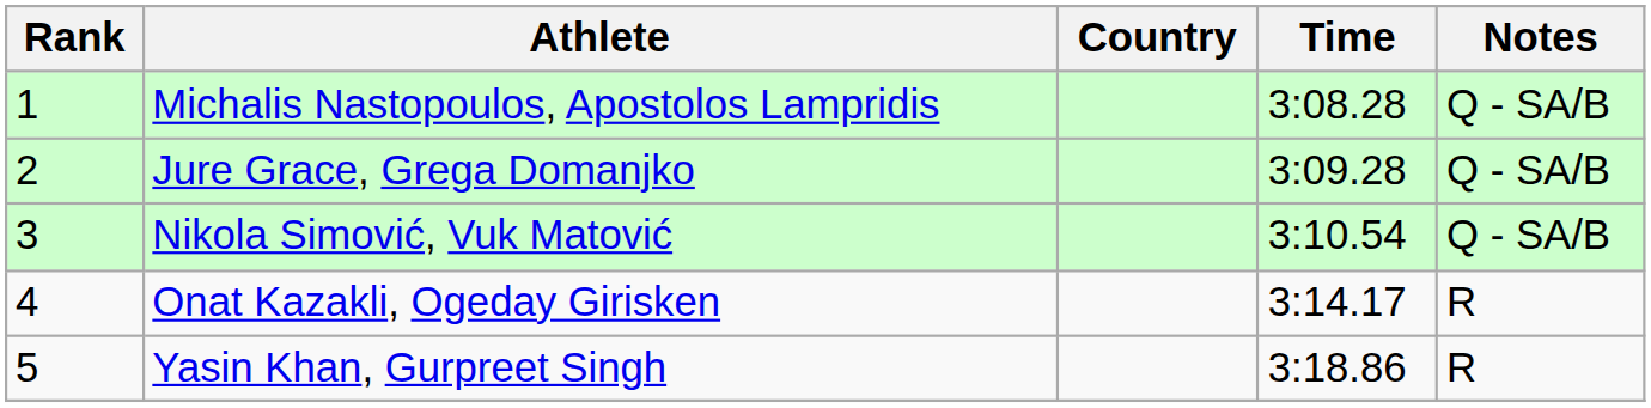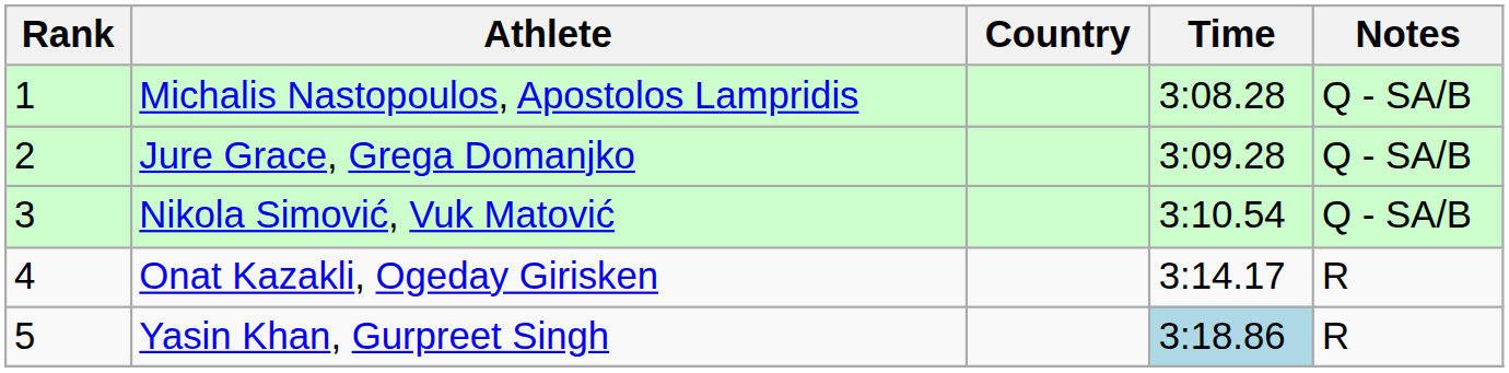 <table class="wikitable" width=50%>
 <tr>
 <th>Rank</th>
 <th>Athlete</th>
 <th>Country</th>
 <th>Time</th>
 <th>Notes</th>
 </tr>
 <tr bgcolor=ccffcc>
 <td>1</td>
 <td><a href='#'>Michalis Nastopoulos</a>, <a href='#'>Apostolos Lampridis</a></td>
 <td></td>
 <td>3:08.28</td>
 <td>Q - SA/B</td>
 </tr>
 <tr bgcolor=ccffcc>
 <td>2</td>
 <td><a href='#'>Jure Grace</a>, <a href='#'>Grega Domanjko</a></td>
 <td></td>
 <td>3:09.28</td>
 <td>Q - SA/B</td>
 </tr>
 <tr bgcolor=ccffcc>
 <td>3</td>
 <td><a href='#'>Nikola Simović</a>, <a href='#'>Vuk Matović</a></td>
 <td></td>
 <td>3:10.54</td>
 <td>Q - SA/B</td>
 </tr>
 <tr>
 <td>4</td>
 <td><a href='#'>Onat Kazakli</a>, <a href='#'>Ogeday Girisken</a></td>
 <td></td>
 <td>3:14.17</td>
 <td>R</td>
 </tr>
 <tr>
 <td>5</td>
 <td><a href='#'>Yasin Khan</a>, <a href='#'>Gurpreet Singh</a></td>
 <td></td>
-<td>3:18.86</td>
+<td style="background: lightblue;">3:18.86</td>
 <td>R</td>
 </tr>
 <tr>
 </tr>
 </table>
